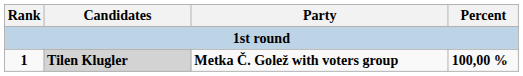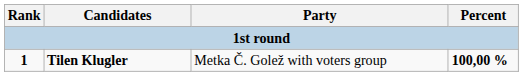 <table class="wikitable">
 <tr>
 <th width=37>Rank</th>
 <th width=160>Candidates</th>
 <th width=285>Party</th>
 <th width=72>Percent</th>
 </tr>
 <tr>
 <td bgcolor=#BCD4E6 colspan=4 align=center><strong>1st round</strong></td>
 </tr>
 <tr>
 <td align=center><strong>1</strong></td>
-<td style="background: lightgrey;"><strong>Tilen Klugler</strong> </td>
-<td><strong>Metka Č. Golež with voters group</strong></td>
+<td><strong>Tilen Klugler</strong> </td>
+<td>Metka Č. Golež with voters group</td>
 <td align=right><strong>100,00 %  </strong></td>
 </tr>
 </table>
